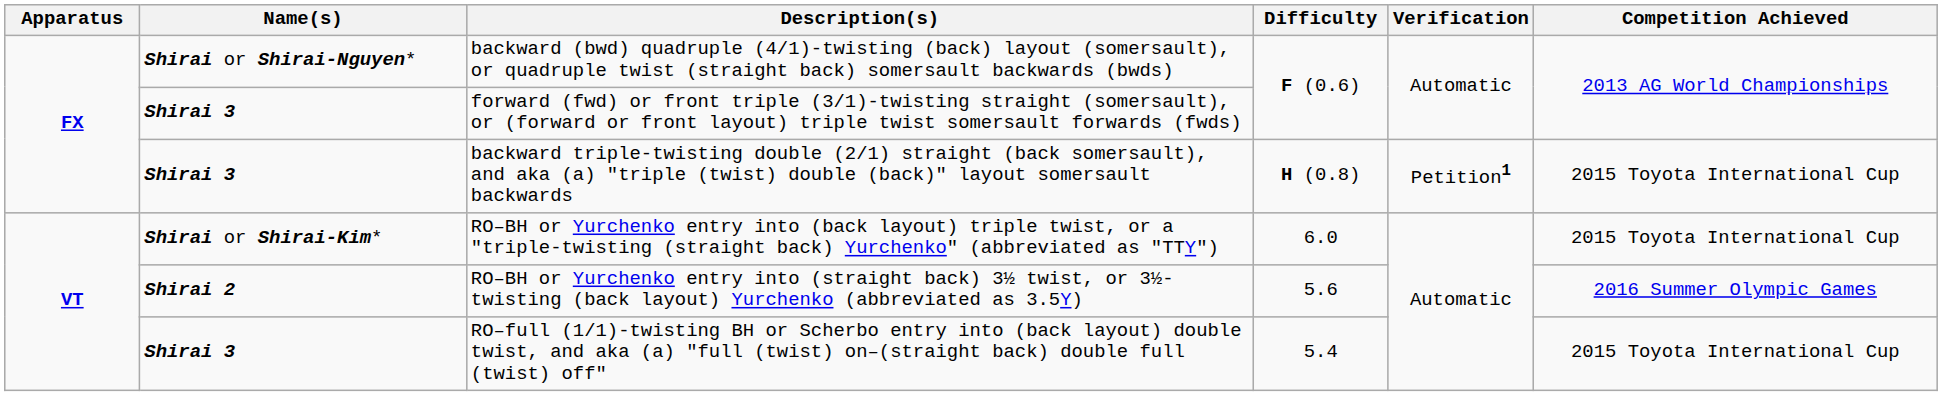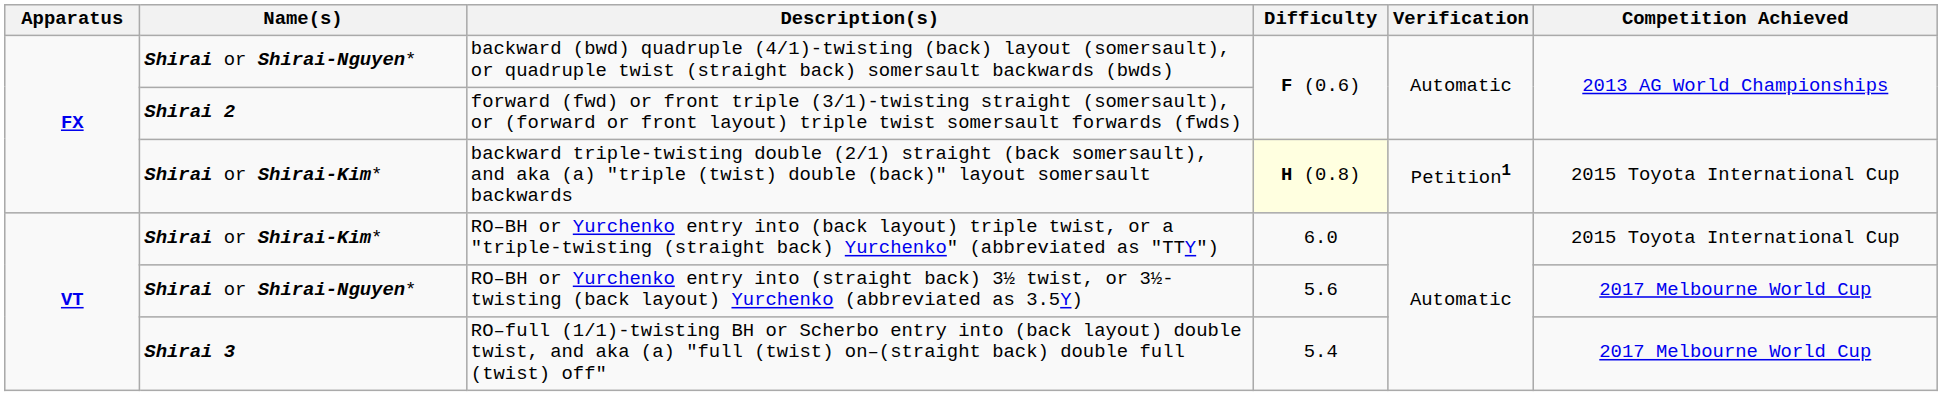 <table class="wikitable" width="100%" style="text-align:center; font-size:95%;">
 <tr>
 <th width=7% class=unsortable>Apparatus</th>
 <th width=17% class=unsortable>Name(s)</th>
 <th width=41% class=unsortable>Description(s)</th>
 <th width=7% class=unsortable>Difficulty</th>
 <th width=7% class=unsortable>Verification</th>
 <th width=21% class=unsortable>Competition Achieved</th>
 </tr>
 <tr>
 <td rowspan=3 align=center><strong><a href='#'>FX</a></strong><br></td>
 <td align=left><strong><em>Shirai</em></strong> or <strong><em>Shirai-Nguyen</em></strong>*</td>
 <td align=left>backward (bwd) quadruple (4/1)-twisting (back) layout (somersault), or quadruple twist (straight back) somersault backwards (bwds)</td>
 <td rowspan=2><strong>F</strong> (0.6)</td>
 <td rowspan=2 align=center>Automatic</td>
 <td rowspan=2 align=center><a href='#'>2013 AG World Championships</a></td>
 </tr>
 <tr>
-<td align=left><strong><em>Shirai 3</em></strong></td>
+<td align=left><strong><em>Shirai 2</em></strong></td>
 <td align=left>forward (fwd) or front triple (3/1)-twisting straight (somersault), or (forward or front layout) triple twist somersault forwards (fwds)</td>
 </tr>
 <tr>
-<td align=left><strong><em>Shirai 3</em></strong></td>
+<td align=left><strong><em>Shirai</em></strong> or <strong><em>Shirai-Kim</em></strong>*</td>
 <td align=left>backward triple-twisting double (2/1) straight (back somersault), and aka (a) "triple (twist) double (back)" layout somersault backwards</td>
-<td><strong>H</strong> (0.8)</td>
+<td style="background: lightyellow;"><strong>H</strong> (0.8)</td>
 <td align=center>Petition<sup><strong>1</strong></sup></td>
 <td align=center>2015 Toyota International Cup</td>
 </tr>
 <tr>
 <td rowspan=3 align=center><strong><a href='#'>VT</a></strong><br></td>
 <td align=left><strong><em>Shirai</em></strong> or <strong><em>Shirai-Kim</em></strong>*</td>
 <td align=left>RO–BH or <a href='#'>Yurchenko</a> entry into (back layout) triple twist, or a "triple-twisting (straight back) <a href='#'>Yurchenko</a>" (abbreviated as "TT<a href='#'>Y</a>")</td>
 <td>6.0<br></td>
 <td rowspan=3 align=center>Automatic</td>
 <td align=center>2015 Toyota International Cup</td>
 </tr>
 <tr>
-<td align=left><strong><em>Shirai 2</em></strong></td>
+<td align=left><strong><em>Shirai</em></strong> or <strong><em>Shirai-Nguyen</em></strong>*</td>
 <td align=left>RO–BH or <a href='#'>Yurchenko</a> entry into (straight back) 3½ twist, or 3½-twisting (back layout) <a href='#'>Yurchenko</a> (abbreviated as 3.5<a href='#'>Y</a>)</td>
 <td>5.6<br></td>
-<td align=center><a href='#'>2016 Summer Olympic Games</a></td>
+<td align=center><a href='#'>2017 Melbourne World Cup</a></td>
 </tr>
 <tr>
 <td align=left><strong><em>Shirai 3</em></strong></td>
 <td align=left>RO–full (1/1)-twisting BH or Scherbo entry into (back layout) double twist, and aka (a) "full (twist) on–(straight back) double full (twist) off"</td>
 <td>5.4</td>
-<td align=center>2015 Toyota International Cup</td>
+<td align=center><a href='#'>2017 Melbourne World Cup</a></td>
 </tr>
 </table>
